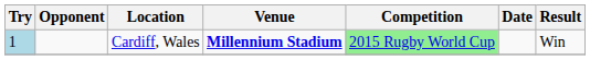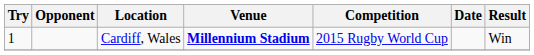 <table class="wikitable sortable" style="font-size:95%">
 <tr>
 <th>Try</th>
 <th>Opponent</th>
 <th>Location</th>
 <th>Venue</th>
 <th>Competition</th>
 <th>Date</th>
 <th>Result</th>
 </tr>
 <tr>
-<td style="background: lightblue;">1</td>
+<td>1</td>
 <td></td>
 <td><a href='#'>Cardiff</a>, Wales</td>
 <td><strong><a href='#'>Millennium Stadium</a></strong></td>
-<td style="background: lightgreen;"><a href='#'>2015 Rugby World Cup</a></td>
+<td><a href='#'>2015 Rugby World Cup</a></td>
 <td></td>
 <td>Win</td>
 </tr>
 <tr>
 </tr>
 </table>
